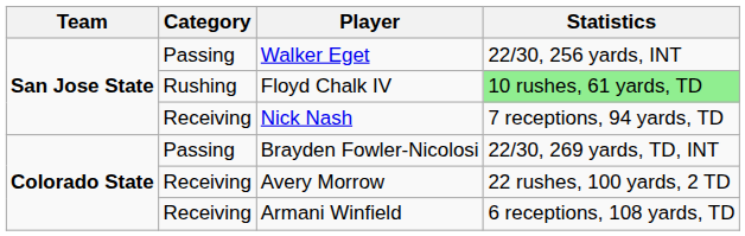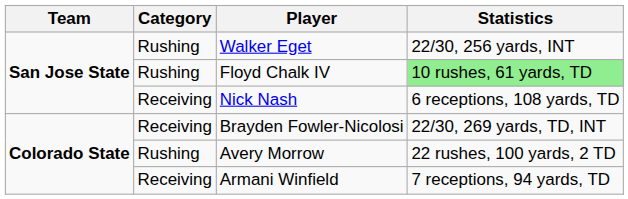 <table class="wikitable" style="float: right;">
 <tr>
 <th>Team</th>
 <th>Category</th>
 <th>Player</th>
 <th>Statistics</th>
 </tr>
 <tr>
 <td rowspan=3><strong>San Jose State</strong></td>
-<td>Passing</td>
+<td>Rushing</td>
 <td><a href='#'>Walker Eget</a></td>
 <td>22/30, 256 yards, INT</td>
 </tr>
 <tr>
 <td>Rushing</td>
 <td>Floyd Chalk IV</td>
 <td style="background: lightgreen;">10 rushes, 61 yards, TD</td>
 </tr>
 <tr>
 <td>Receiving</td>
 <td><a href='#'>Nick Nash</a></td>
-<td>7 receptions, 94 yards, TD</td>
+<td>6 receptions, 108 yards, TD</td>
 </tr>
 <tr>
 <td rowspan=3><strong>Colorado State</strong></td>
-<td>Passing</td>
+<td>Receiving</td>
 <td>Brayden Fowler-Nicolosi</td>
 <td>22/30, 269 yards, TD, INT</td>
 </tr>
 <tr>
-<td>Receiving</td>
+<td>Rushing</td>
 <td>Avery Morrow</td>
 <td>22 rushes, 100 yards, 2 TD</td>
 </tr>
 <tr>
 <td>Receiving</td>
 <td>Armani Winfield</td>
-<td>6 receptions, 108 yards, TD</td>
+<td>7 receptions, 94 yards, TD</td>
 </tr>
 </table>
